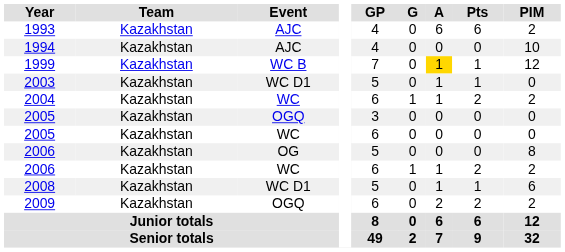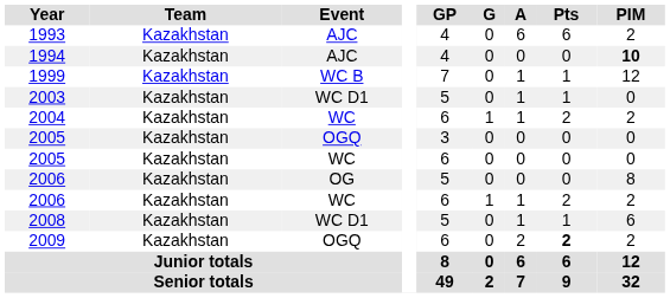 <table border="0" cellpadding="1" cellspacing="0" style="text-align:center; width:40em">
 <tr ALIGN="center" bgcolor="#e0e0e0">
 <th>Year</th>
 <th>Team</th>
 <th>Event</th>
 <th ALIGN="center" rowspan="99" bgcolor="#ffffff"> </th>
 <th>GP</th>
 <th>G</th>
 <th>A</th>
 <th>Pts</th>
 <th>PIM</th>
 </tr>
 <tr>
 <td><a href='#'>1993</a></td>
 <td><a href='#'>Kazakhstan</a></td>
 <td><a href='#'>AJC</a></td>
 <td>4</td>
 <td>0</td>
 <td>6</td>
 <td>6</td>
 <td>2</td>
 </tr>
 <tr bgcolor="#f0f0f0">
 <td><a href='#'>1994</a></td>
 <td>Kazakhstan</td>
 <td>AJC</td>
 <td>4</td>
 <td>0</td>
 <td>0</td>
 <td>0</td>
-<td>10</td>
+<td><strong>10</strong></td>
 </tr>
 <tr>
 <td><a href='#'>1999</a></td>
 <td><a href='#'>Kazakhstan</a></td>
 <td><a href='#'>WC B</a></td>
 <td>7</td>
 <td>0</td>
-<td style="background: gold;">1</td>
+<td>1</td>
 <td>1</td>
 <td>12</td>
 </tr>
 <tr bgcolor="#f0f0f0">
 <td><a href='#'>2003</a></td>
 <td>Kazakhstan</td>
 <td>WC D1</td>
 <td>5</td>
 <td>0</td>
 <td>1</td>
 <td>1</td>
 <td>0</td>
 </tr>
 <tr>
 <td><a href='#'>2004</a></td>
 <td>Kazakhstan</td>
 <td><a href='#'>WC</a></td>
 <td>6</td>
 <td>1</td>
 <td>1</td>
 <td>2</td>
 <td>2</td>
 </tr>
 <tr bgcolor="#f0f0f0">
 <td><a href='#'>2005</a></td>
 <td>Kazakhstan</td>
 <td><a href='#'>OGQ</a></td>
 <td>3</td>
 <td>0</td>
 <td>0</td>
 <td>0</td>
 <td>0</td>
 </tr>
 <tr>
 <td><a href='#'>2005</a></td>
 <td>Kazakhstan</td>
 <td>WC</td>
 <td>6</td>
 <td>0</td>
 <td>0</td>
 <td>0</td>
 <td>0</td>
 </tr>
 <tr bgcolor="#f0f0f0">
 <td><a href='#'>2006</a></td>
 <td>Kazakhstan</td>
 <td>OG</td>
 <td>5</td>
 <td>0</td>
 <td>0</td>
 <td>0</td>
 <td>8</td>
 </tr>
 <tr>
 <td><a href='#'>2006</a></td>
 <td>Kazakhstan</td>
 <td>WC</td>
 <td>6</td>
 <td>1</td>
 <td>1</td>
 <td>2</td>
 <td>2</td>
 </tr>
 <tr bgcolor="#f0f0f0">
 <td><a href='#'>2008</a></td>
 <td>Kazakhstan</td>
 <td>WC D1</td>
 <td>5</td>
 <td>0</td>
 <td>1</td>
 <td>1</td>
 <td>6</td>
 </tr>
 <tr>
 <td><a href='#'>2009</a></td>
 <td>Kazakhstan</td>
 <td>OGQ</td>
 <td>6</td>
 <td>0</td>
 <td>2</td>
-<td>2</td>
+<td><strong>2</strong></td>
 <td>2</td>
 </tr>
 <tr bgcolor="#e0e0e0">
 <th colspan="3">Junior totals</th>
 <th>8</th>
 <th>0</th>
 <th>6</th>
 <th>6</th>
 <th>12</th>
 </tr>
 <tr bgcolor="#e0e0e0">
 <th colspan="3">Senior totals</th>
 <th>49</th>
 <th>2</th>
 <th>7</th>
 <th>9</th>
 <th>32</th>
 </tr>
 </table>
